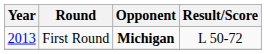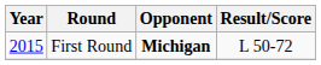 <table class="wikitable" style="text-align:center;">
 <tr>
 <th>Year</th>
 <th>Round</th>
 <th>Opponent</th>
 <th>Result/Score</th>
 </tr>
 <tr>
-<td><a href='#'>2013</a></td>
+<td><a href='#'>2015</a></td>
 <td>First Round</td>
 <td><strong>Michigan</strong></td>
 <td>L 50-72</td>
 </tr>
 <tr>
 </tr>
 </table>
